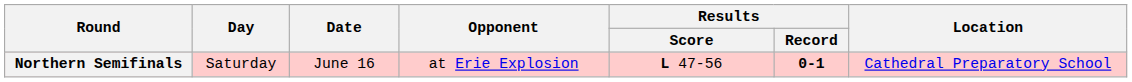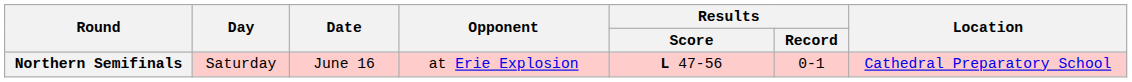 <table class="wikitable">
 <tr>
 <th rowspan="2" width="160">Round</th>
 <th rowspan="2" width="80">Day</th>
 <th rowspan="2" width="90">Date</th>
 <th rowspan="2" width="180">Opponent</th>
 <th colspan="2" width="200">Results</th>
 <th rowspan="2" width="240">Location</th>
 </tr>
 <tr>
 <th width="140">Score</th>
 <th width="60">Record</th>
 </tr>
 <tr align="center" bgcolor="#FFCCCC">
 <th>Northern Semifinals</th>
 <td>Saturday</td>
 <td>June 16</td>
 <td>at <a href='#'>Erie Explosion</a></td>
 <td><strong>L</strong> 47-56</td>
-<td><strong>0-1</strong></td>
+<td>0-1</td>
 <td><a href='#'>Cathedral Preparatory School</a></td>
 </tr>
 </table>
